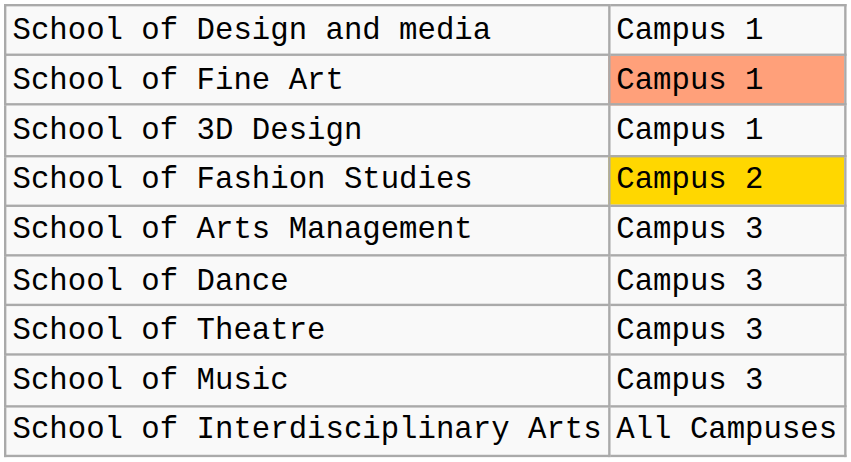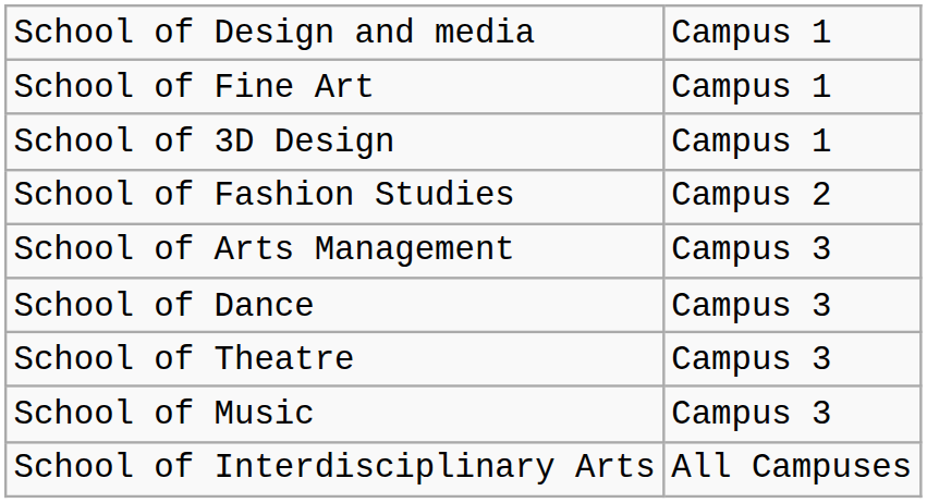 <table class="wikitable">
 <tr>
 <td>School of Design and media</td>
 <td>Campus 1</td>
 </tr>
 <tr>
 <td>School of Fine Art</td>
-<td style="background: lightsalmon;">Campus 1</td>
+<td>Campus 1</td>
 </tr>
 <tr>
 <td>School of 3D Design</td>
 <td>Campus 1</td>
 </tr>
 <tr>
 <td>School of Fashion Studies</td>
-<td style="background: gold;">Campus 2</td>
+<td>Campus 2</td>
 </tr>
 <tr>
 <td>School of Arts Management</td>
 <td>Campus 3</td>
 </tr>
 <tr>
 <td>School of Dance</td>
 <td>Campus 3</td>
 </tr>
 <tr>
 <td>School of Theatre</td>
 <td>Campus 3</td>
 </tr>
 <tr>
 <td>School of Music</td>
 <td>Campus 3</td>
 </tr>
 <tr>
 <td>School of Interdisciplinary Arts</td>
 <td>All Campuses</td>
 </tr>
 </table>
